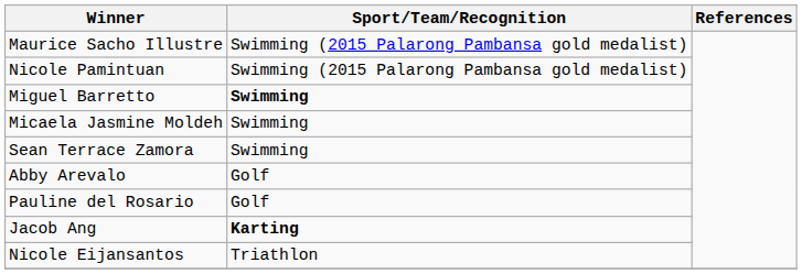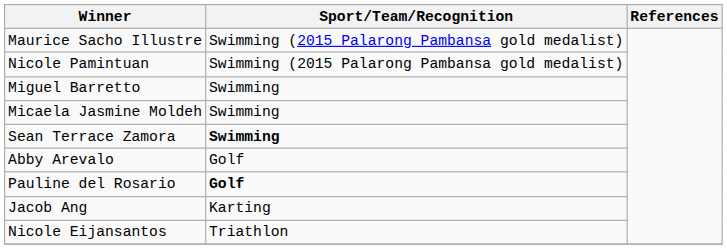 <table class="wikitable">
 <tr>
 <th>Winner</th>
 <th>Sport/Team/Recognition</th>
 <th>References</th>
 </tr>
 <tr>
 <td>Maurice Sacho Illustre</td>
 <td>Swimming (<a href='#'>2015 Palarong Pambansa</a> gold medalist)</td>
 <td rowspan=9></td>
 </tr>
 <tr>
 <td>Nicole Pamintuan</td>
 <td>Swimming (2015 Palarong Pambansa gold medalist)</td>
 </tr>
 <tr>
 <td>Miguel Barretto</td>
-<td><strong>Swimming</strong></td>
+<td>Swimming</td>
 </tr>
 <tr>
 <td>Micaela Jasmine Moldeh</td>
 <td>Swimming</td>
 </tr>
 <tr>
 <td>Sean Terrace Zamora</td>
-<td>Swimming</td>
+<td><strong>Swimming</strong></td>
 </tr>
 <tr>
 <td>Abby Arevalo</td>
 <td>Golf</td>
 </tr>
 <tr>
 <td>Pauline del Rosario</td>
-<td>Golf</td>
+<td><strong>Golf</strong></td>
 </tr>
 <tr>
 <td>Jacob Ang</td>
-<td><strong>Karting</strong></td>
+<td>Karting</td>
 </tr>
 <tr>
 <td>Nicole Eijansantos</td>
 <td>Triathlon</td>
 </tr>
 <tr>
 </tr>
 </table>
